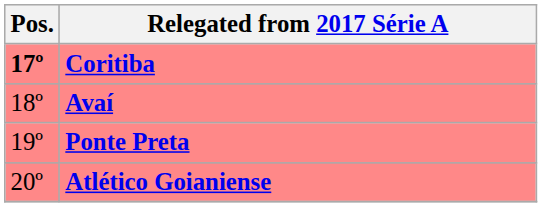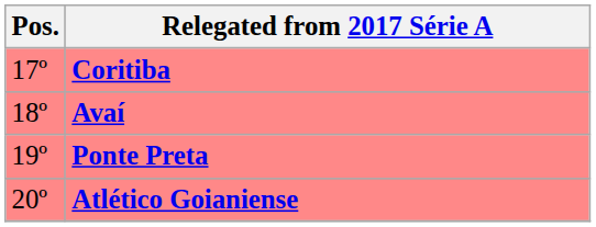 <table class="wikitable">
 <tr>
 <th align="center">Pos.</th>
 <th width="300">Relegated from <a href='#'>2017 Série A</a></th>
 </tr>
 <tr style="background: #FF8888;">
-<td><strong>17º</strong></td>
+<td>17º</td>
 <td><strong><a href='#'>Coritiba</a></strong></td>
 </tr>
 <tr style="background: #FF8888;">
 <td>18º</td>
 <td><strong><a href='#'>Avaí</a></strong></td>
 </tr>
 <tr style="background: #FF8888;">
 <td>19º</td>
 <td><strong><a href='#'>Ponte Preta</a></strong></td>
 </tr>
 <tr style="background: #FF8888;">
 <td>20º</td>
 <td><strong><a href='#'>Atlético Goianiense</a></strong></td>
 </tr>
 <tr style="background: #FF8888;">
 </tr>
 </table>
